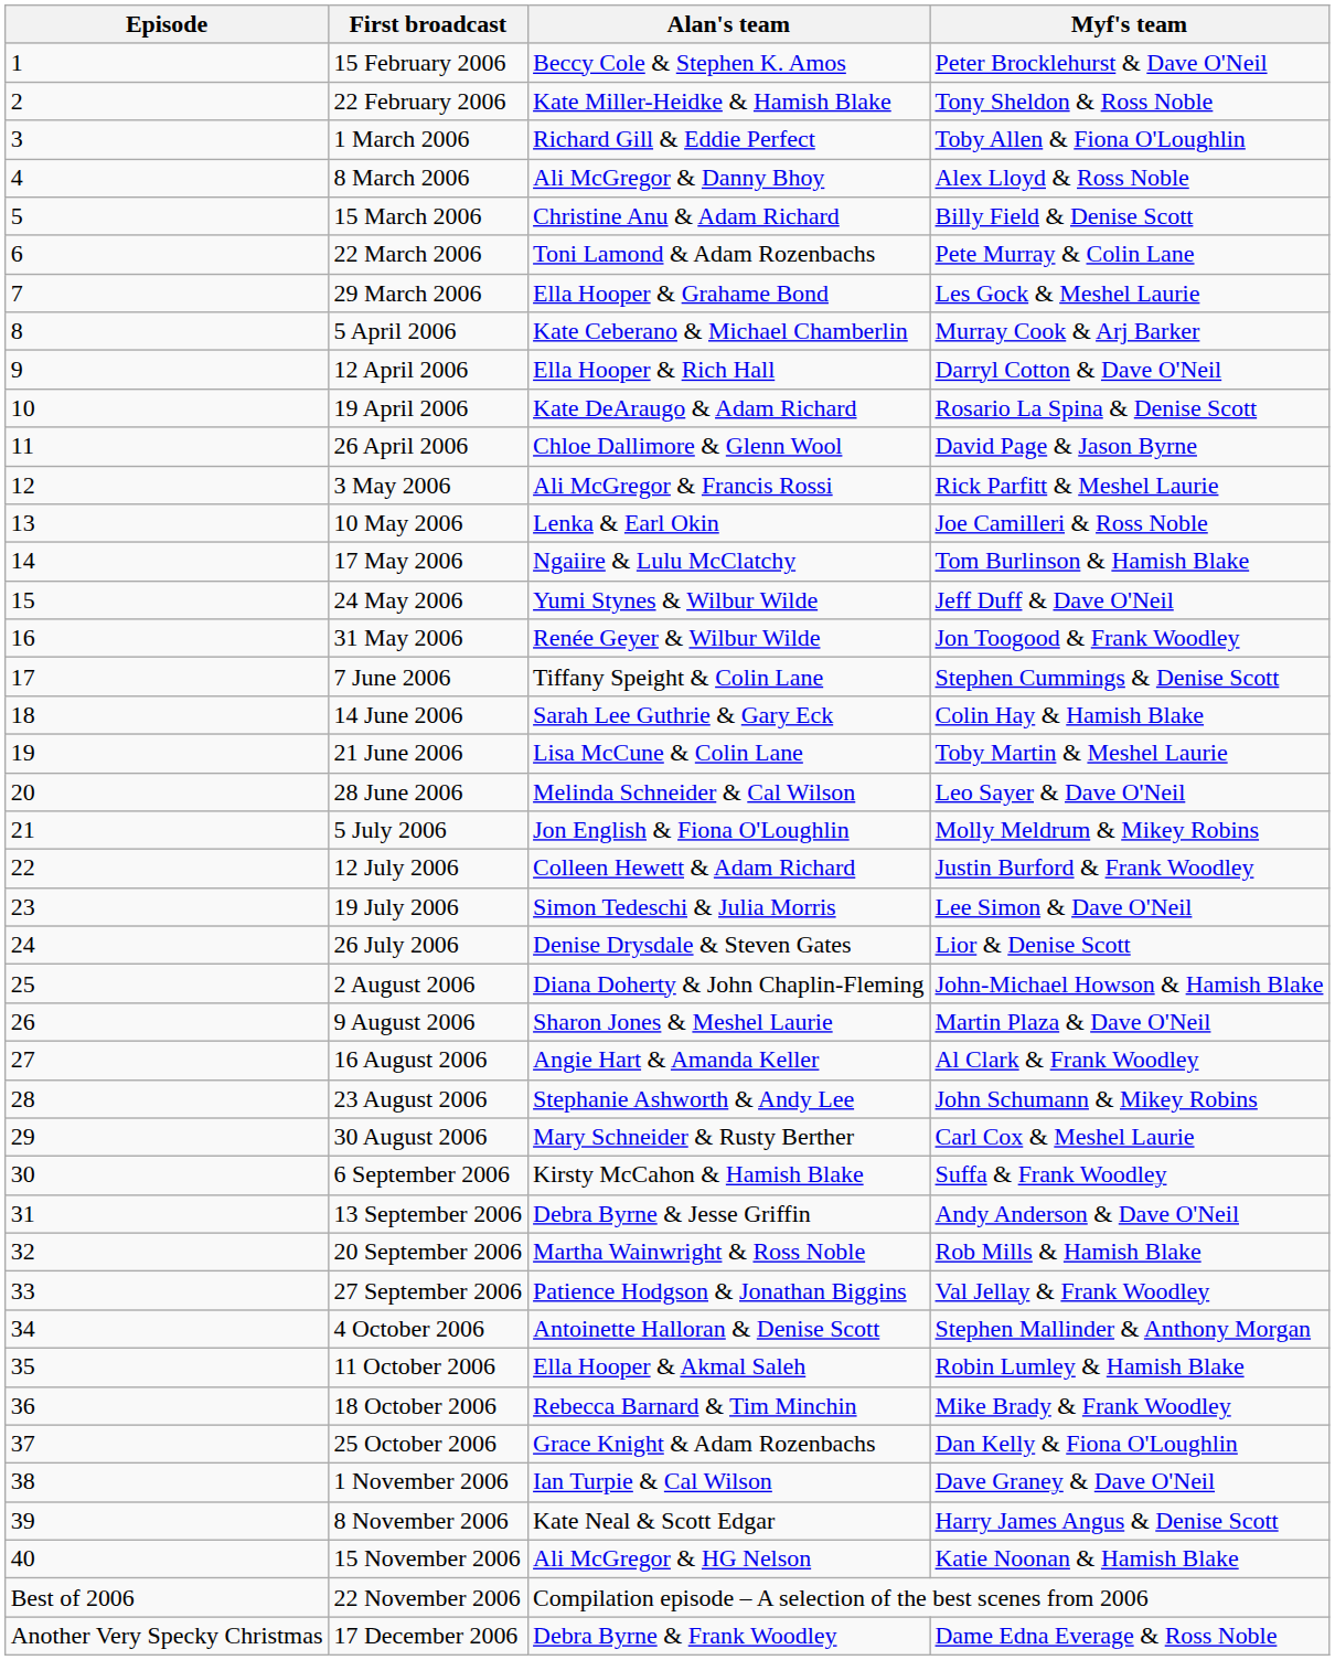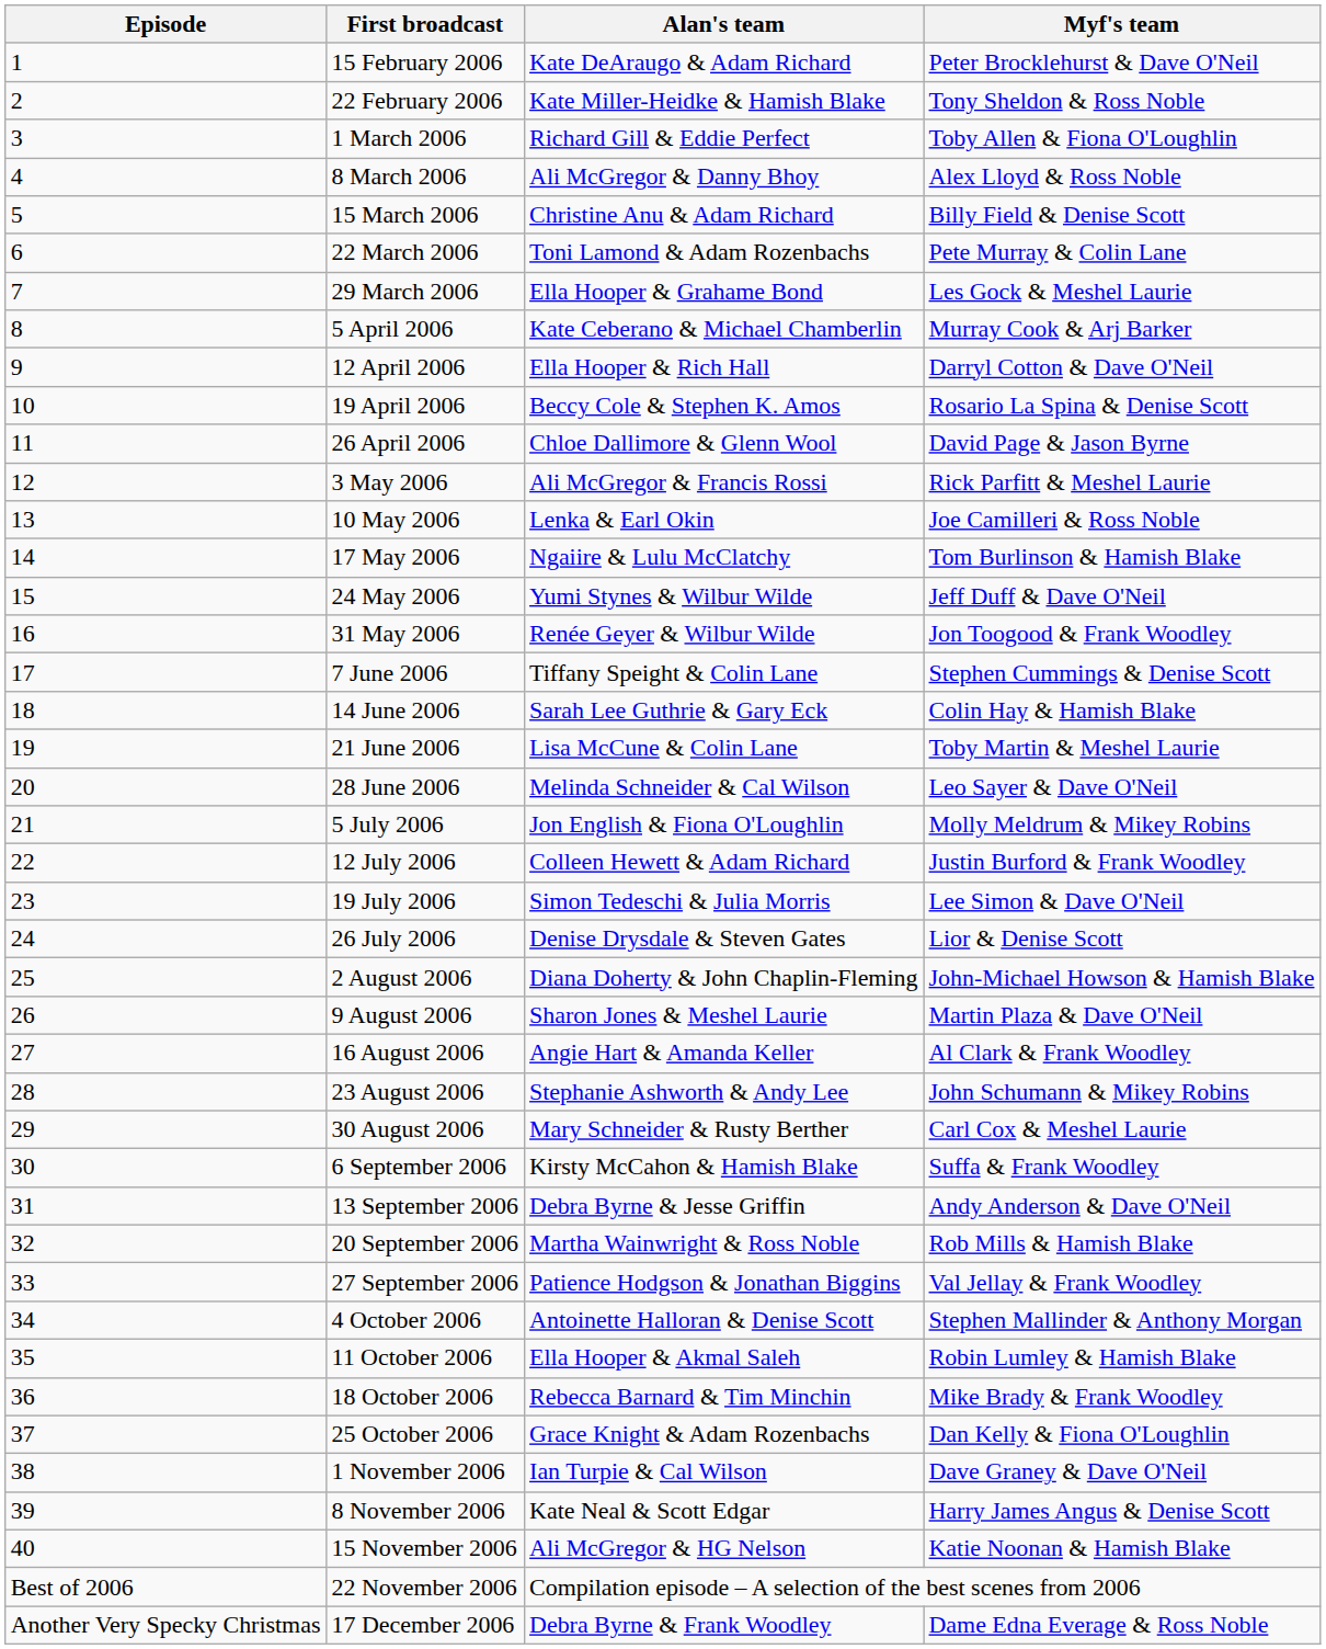 <table class="wikitable">
 <tr>
 <th>Episode</th>
 <th>First broadcast</th>
 <th>Alan's team</th>
 <th>Myf's team</th>
 </tr>
 <tr>
 <td>1</td>
 <td>15 February 2006</td>
-<td><a href='#'>Beccy Cole</a> & <a href='#'>Stephen K. Amos</a></td>
+<td><a href='#'>Kate DeAraugo</a> & <a href='#'>Adam Richard</a></td>
 <td><a href='#'>Peter Brocklehurst</a> & <a href='#'>Dave O'Neil</a></td>
 </tr>
 <tr>
 <td>2</td>
 <td>22 February 2006</td>
 <td><a href='#'>Kate Miller-Heidke</a> & <a href='#'>Hamish Blake</a></td>
 <td><a href='#'>Tony Sheldon</a> & <a href='#'>Ross Noble</a></td>
 </tr>
 <tr>
 <td>3</td>
 <td>1 March 2006</td>
 <td><a href='#'>Richard Gill</a> & <a href='#'>Eddie Perfect</a></td>
 <td><a href='#'>Toby Allen</a> & <a href='#'>Fiona O'Loughlin</a></td>
 </tr>
 <tr>
 <td>4</td>
 <td>8 March 2006</td>
 <td><a href='#'>Ali McGregor</a> & <a href='#'>Danny Bhoy</a></td>
 <td><a href='#'>Alex Lloyd</a> & <a href='#'>Ross Noble</a></td>
 </tr>
 <tr>
 <td>5</td>
 <td>15 March 2006</td>
 <td><a href='#'>Christine Anu</a> & <a href='#'>Adam Richard</a></td>
 <td><a href='#'>Billy Field</a> & <a href='#'>Denise Scott</a></td>
 </tr>
 <tr>
 <td>6</td>
 <td>22 March 2006</td>
 <td><a href='#'>Toni Lamond</a> & Adam Rozenbachs</td>
 <td><a href='#'>Pete Murray</a> & <a href='#'>Colin Lane</a></td>
 </tr>
 <tr>
 <td>7</td>
 <td>29 March 2006</td>
 <td><a href='#'>Ella Hooper</a> & <a href='#'>Grahame Bond</a></td>
 <td><a href='#'>Les Gock</a> & <a href='#'>Meshel Laurie</a></td>
 </tr>
 <tr>
 <td>8</td>
 <td>5 April 2006</td>
 <td><a href='#'>Kate Ceberano</a> & <a href='#'>Michael Chamberlin</a></td>
 <td><a href='#'>Murray Cook</a> & <a href='#'>Arj Barker</a></td>
 </tr>
 <tr>
 <td>9</td>
 <td>12 April 2006</td>
 <td><a href='#'>Ella Hooper</a> & <a href='#'>Rich Hall</a></td>
 <td><a href='#'>Darryl Cotton</a> & <a href='#'>Dave O'Neil</a></td>
 </tr>
 <tr>
 <td>10</td>
 <td>19 April 2006</td>
-<td><a href='#'>Kate DeAraugo</a> & <a href='#'>Adam Richard</a></td>
+<td><a href='#'>Beccy Cole</a> & <a href='#'>Stephen K. Amos</a></td>
 <td><a href='#'>Rosario La Spina</a> & <a href='#'>Denise Scott</a></td>
 </tr>
 <tr>
 <td>11</td>
 <td>26 April 2006</td>
 <td><a href='#'>Chloe Dallimore</a> & <a href='#'>Glenn Wool</a></td>
 <td><a href='#'>David Page</a> & <a href='#'>Jason Byrne</a></td>
 </tr>
 <tr>
 <td>12</td>
 <td>3 May 2006</td>
 <td><a href='#'>Ali McGregor</a> & <a href='#'>Francis Rossi</a></td>
 <td><a href='#'>Rick Parfitt</a> & <a href='#'>Meshel Laurie</a></td>
 </tr>
 <tr>
 <td>13</td>
 <td>10 May 2006</td>
 <td><a href='#'>Lenka</a> & <a href='#'>Earl Okin</a></td>
 <td><a href='#'>Joe Camilleri</a> & <a href='#'>Ross Noble</a></td>
 </tr>
 <tr>
 <td>14</td>
 <td>17 May 2006</td>
 <td><a href='#'>Ngaiire</a> & <a href='#'>Lulu McClatchy</a></td>
 <td><a href='#'>Tom Burlinson</a> & <a href='#'>Hamish Blake</a></td>
 </tr>
 <tr>
 <td>15</td>
 <td>24 May 2006</td>
 <td><a href='#'>Yumi Stynes</a> & <a href='#'>Wilbur Wilde</a></td>
 <td><a href='#'>Jeff Duff</a> & <a href='#'>Dave O'Neil</a></td>
 </tr>
 <tr>
 <td>16</td>
 <td>31 May 2006</td>
 <td><a href='#'>Renée Geyer</a> & <a href='#'>Wilbur Wilde</a></td>
 <td><a href='#'>Jon Toogood</a> & <a href='#'>Frank Woodley</a></td>
 </tr>
 <tr>
 <td>17</td>
 <td>7 June 2006</td>
 <td>Tiffany Speight & <a href='#'>Colin Lane</a></td>
 <td><a href='#'>Stephen Cummings</a> & <a href='#'>Denise Scott</a></td>
 </tr>
 <tr>
 <td>18</td>
 <td>14 June 2006</td>
 <td><a href='#'>Sarah Lee Guthrie</a> & <a href='#'>Gary Eck</a></td>
 <td><a href='#'>Colin Hay</a> & <a href='#'>Hamish Blake</a></td>
 </tr>
 <tr>
 <td>19</td>
 <td>21 June 2006</td>
 <td><a href='#'>Lisa McCune</a> & <a href='#'>Colin Lane</a></td>
 <td><a href='#'>Toby Martin</a> & <a href='#'>Meshel Laurie</a></td>
 </tr>
 <tr>
 <td>20</td>
 <td>28 June 2006</td>
 <td><a href='#'>Melinda Schneider</a> & <a href='#'>Cal Wilson</a></td>
 <td><a href='#'>Leo Sayer</a> & <a href='#'>Dave O'Neil</a></td>
 </tr>
 <tr>
 <td>21</td>
 <td>5 July 2006</td>
 <td><a href='#'>Jon English</a> & <a href='#'>Fiona O'Loughlin</a></td>
 <td><a href='#'>Molly Meldrum</a> & <a href='#'>Mikey Robins</a></td>
 </tr>
 <tr>
 <td>22</td>
 <td>12 July 2006</td>
 <td><a href='#'>Colleen Hewett</a> & <a href='#'>Adam Richard</a></td>
 <td><a href='#'>Justin Burford</a> & <a href='#'>Frank Woodley</a></td>
 </tr>
 <tr>
 <td>23</td>
 <td>19 July 2006</td>
 <td><a href='#'>Simon Tedeschi</a> & <a href='#'>Julia Morris</a></td>
 <td><a href='#'>Lee Simon</a> & <a href='#'>Dave O'Neil</a></td>
 </tr>
 <tr>
 <td>24</td>
 <td>26 July 2006</td>
 <td><a href='#'>Denise Drysdale</a> & Steven Gates</td>
 <td><a href='#'>Lior</a> & <a href='#'>Denise Scott</a></td>
 </tr>
 <tr>
 <td>25</td>
 <td>2 August 2006</td>
 <td><a href='#'>Diana Doherty</a> & John Chaplin-Fleming</td>
 <td><a href='#'>John-Michael Howson</a> & <a href='#'>Hamish Blake</a></td>
 </tr>
 <tr>
 <td>26</td>
 <td>9 August 2006</td>
 <td><a href='#'>Sharon Jones</a> & <a href='#'>Meshel Laurie</a></td>
 <td><a href='#'>Martin Plaza</a> & <a href='#'>Dave O'Neil</a></td>
 </tr>
 <tr>
 <td>27</td>
 <td>16 August 2006</td>
 <td><a href='#'>Angie Hart</a> & <a href='#'>Amanda Keller</a></td>
 <td><a href='#'>Al Clark</a> & <a href='#'>Frank Woodley</a></td>
 </tr>
 <tr>
 <td>28</td>
 <td>23 August 2006</td>
 <td><a href='#'>Stephanie Ashworth</a> & <a href='#'>Andy Lee</a></td>
 <td><a href='#'>John Schumann</a> & <a href='#'>Mikey Robins</a></td>
 </tr>
 <tr>
 <td>29</td>
 <td>30 August 2006</td>
 <td><a href='#'>Mary Schneider</a> & Rusty Berther</td>
 <td><a href='#'>Carl Cox</a> & <a href='#'>Meshel Laurie</a></td>
 </tr>
 <tr>
 <td>30</td>
 <td>6 September 2006</td>
 <td>Kirsty McCahon & <a href='#'>Hamish Blake</a></td>
 <td><a href='#'>Suffa</a> & <a href='#'>Frank Woodley</a></td>
 </tr>
 <tr>
 <td>31</td>
 <td>13 September 2006</td>
 <td><a href='#'>Debra Byrne</a> & Jesse Griffin</td>
 <td><a href='#'>Andy Anderson</a> & <a href='#'>Dave O'Neil</a></td>
 </tr>
 <tr>
 <td>32</td>
 <td>20 September 2006</td>
 <td><a href='#'>Martha Wainwright</a> & <a href='#'>Ross Noble</a></td>
 <td><a href='#'>Rob Mills</a> & <a href='#'>Hamish Blake</a></td>
 </tr>
 <tr>
 <td>33</td>
 <td>27 September 2006</td>
 <td><a href='#'>Patience Hodgson</a> & <a href='#'>Jonathan Biggins</a></td>
 <td><a href='#'>Val Jellay</a> & <a href='#'>Frank Woodley</a></td>
 </tr>
 <tr>
 <td>34</td>
 <td>4 October 2006</td>
 <td><a href='#'>Antoinette Halloran</a> & <a href='#'>Denise Scott</a></td>
 <td><a href='#'>Stephen Mallinder</a> & <a href='#'>Anthony Morgan</a></td>
 </tr>
 <tr>
 <td>35</td>
 <td>11 October 2006</td>
 <td><a href='#'>Ella Hooper</a> & <a href='#'>Akmal Saleh</a></td>
 <td><a href='#'>Robin Lumley</a> & <a href='#'>Hamish Blake</a></td>
 </tr>
 <tr>
 <td>36</td>
 <td>18 October 2006</td>
 <td><a href='#'>Rebecca Barnard</a> & <a href='#'>Tim Minchin</a></td>
 <td><a href='#'>Mike Brady</a> & <a href='#'>Frank Woodley</a></td>
 </tr>
 <tr>
 <td>37</td>
 <td>25 October 2006</td>
 <td><a href='#'>Grace Knight</a> & Adam Rozenbachs</td>
 <td><a href='#'>Dan Kelly</a> & <a href='#'>Fiona O'Loughlin</a></td>
 </tr>
 <tr>
 <td>38</td>
 <td>1 November 2006</td>
 <td><a href='#'>Ian Turpie</a> & <a href='#'>Cal Wilson</a></td>
 <td><a href='#'>Dave Graney</a> & <a href='#'>Dave O'Neil</a></td>
 </tr>
 <tr>
 <td>39</td>
 <td>8 November 2006</td>
 <td>Kate Neal & Scott Edgar</td>
 <td><a href='#'>Harry James Angus</a> & <a href='#'>Denise Scott</a></td>
 </tr>
 <tr>
 <td>40</td>
 <td>15 November 2006</td>
 <td><a href='#'>Ali McGregor</a> & <a href='#'>HG Nelson</a></td>
 <td><a href='#'>Katie Noonan</a> & <a href='#'>Hamish Blake</a></td>
 </tr>
 <tr>
 <td>Best of 2006</td>
 <td>22 November 2006</td>
 <td colspan="2">Compilation episode – A selection of the best scenes from 2006</td>
 </tr>
 <tr>
 <td>Another Very Specky Christmas</td>
 <td>17 December 2006</td>
 <td><a href='#'>Debra Byrne</a> & <a href='#'>Frank Woodley</a></td>
 <td><a href='#'>Dame Edna Everage</a> & <a href='#'>Ross Noble</a></td>
 </tr>
 </table>
